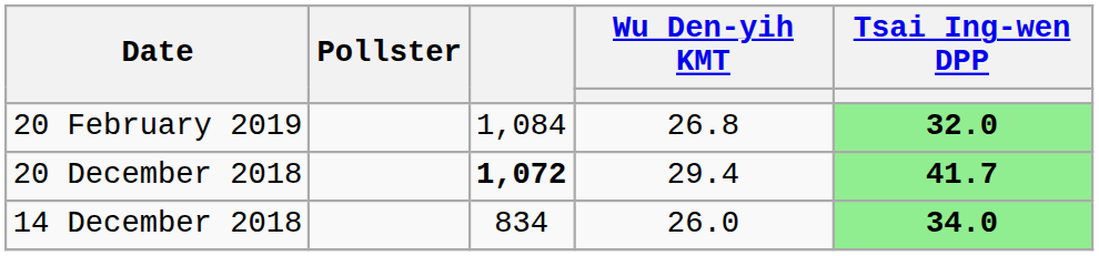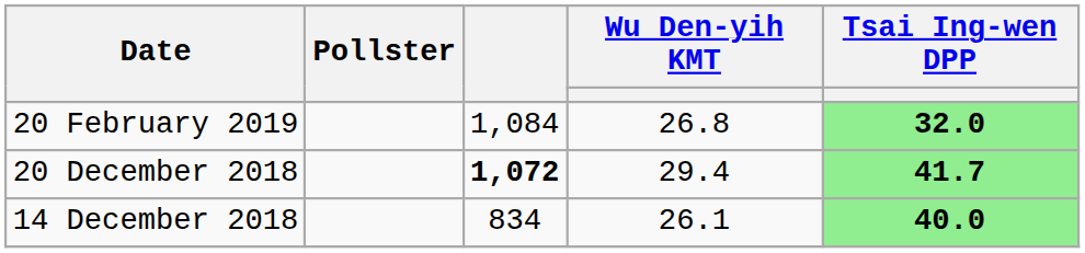 <table class="wikitable sortable collapsible" style="font-size:95%; text-align:center">
 <tr>
 <th rowspan=2>Date</th>
 <th rowspan=2>Pollster</th>
 <th rowspan=2></th>
 <th width=100px><a href='#'>Wu Den-yih</a><br><a href='#'>KMT</a></th>
 <th width=100px><a href='#'>Tsai Ing-wen</a><br><a href='#'>DPP</a></th>
 </tr>
 <tr>
 <th style="background:"></th>
 <th style="background:"></th>
 </tr>
 <tr>
 <td>20 February 2019</td>
 <td></td>
 <td>1,084</td>
 <td>26.8</td>
 <td style="background-color:lightgreen;"><strong>32.0</strong></td>
 </tr>
 <tr>
 <td>20 December 2018</td>
 <td></td>
 <td><strong>1,072</strong></td>
 <td>29.4</td>
 <td style="background-color:lightgreen;"><strong>41.7</strong></td>
 </tr>
 <tr>
 <td>14 December 2018</td>
 <td></td>
 <td>834</td>
-<td>26.0</td>
-<td style="background-color:lightgreen;"><strong>34.0</strong></td>
+<td>26.1</td>
+<td style="background-color:lightgreen;"><strong>40.0</strong></td>
 </tr>
 <tr>
 </tr>
 </table>
